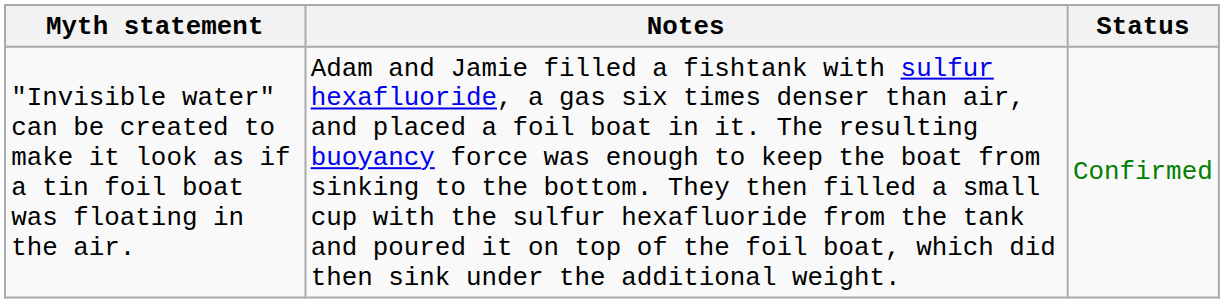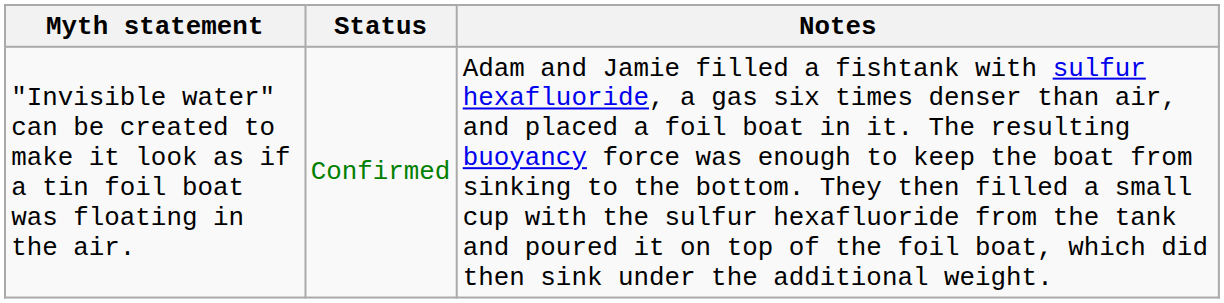 <table class="wikitable plainrowheaders">
 <tr>
 <th>Myth statement</th>
+<th>Status</th>
 <th>Notes</th>
-<th>Status</th>
 </tr>
 <tr>
 <td>"Invisible water" can be created to make it look as if a tin foil boat was floating in the air.</td>
+<td style="color:green">Confirmed</td>
 <td>Adam and Jamie filled a fishtank with <a href='#'>sulfur hexafluoride</a>, a gas six times denser than air, and placed a foil boat in it. The resulting <a href='#'>buoyancy</a> force was enough to keep the boat from sinking to the bottom. They then filled a small cup with the sulfur hexafluoride from the tank and poured it on top of the foil boat, which did then sink under the additional weight.</td>
-<td style="color:green">Confirmed</td>
 </tr>
 </table>
